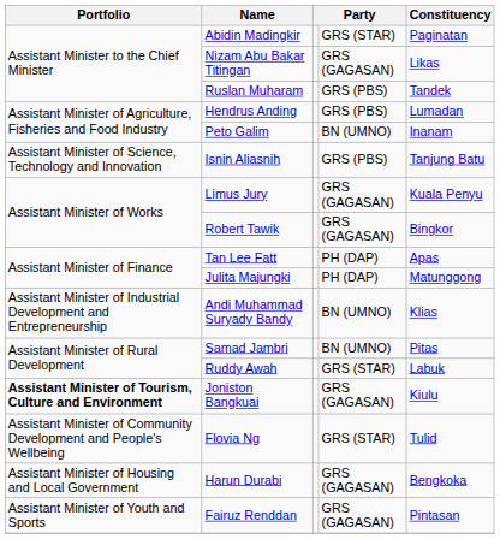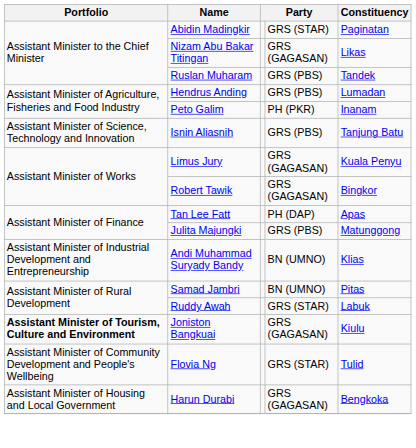 <table class="wikitable sortable">
 <tr>
 <th>Portfolio</th>
 <th>Name</th>
 <th colspan="2">Party</th>
 <th>Constituency</th>
 </tr>
 <tr>
 <td rowspan="3">Assistant Minister to the Chief Minister</td>
 <td><a href='#'>Abidin Madingkir</a></td>
 <td style="background:"></td>
 <td>GRS (STAR)</td>
 <td><a href='#'>Paginatan</a></td>
 </tr>
 <tr>
 <td><a href='#'>Nizam Abu Bakar Titingan</a></td>
 <td style="background:"></td>
 <td>GRS (GAGASAN)</td>
 <td><a href='#'>Likas</a></td>
 </tr>
 <tr>
 <td><a href='#'>Ruslan Muharam</a></td>
 <td style="background:"></td>
 <td>GRS (PBS)</td>
 <td><a href='#'>Tandek</a></td>
 </tr>
 <tr>
 <td rowspan=2>Assistant Minister of Agriculture, Fisheries and Food Industry</td>
 <td><a href='#'>Hendrus Anding</a></td>
 <td style="background:"></td>
 <td>GRS (PBS)</td>
 <td><a href='#'>Lumadan</a></td>
 </tr>
 <tr>
 <td><a href='#'>Peto Galim</a></td>
 <td style="background:"></td>
-<td>BN (UMNO)</td>
+<td>PH (PKR)</td>
 <td><a href='#'>Inanam</a></td>
 </tr>
 <tr>
 <td>Assistant Minister of Science, Technology and Innovation</td>
 <td><a href='#'>Isnin Aliasnih</a></td>
 <td style="background:"></td>
 <td>GRS (PBS)</td>
 <td><a href='#'>Tanjung Batu</a></td>
 </tr>
 <tr>
 <td rowspan="2">Assistant Minister of Works</td>
 <td><a href='#'>Limus Jury</a></td>
 <td style="background:"></td>
 <td>GRS (GAGASAN)</td>
 <td><a href='#'>Kuala Penyu</a></td>
 </tr>
 <tr>
 <td><a href='#'>Robert Tawik</a></td>
 <td style="background:"></td>
 <td>GRS (GAGASAN)</td>
 <td><a href='#'>Bingkor</a></td>
 </tr>
 <tr>
 <td rowspan="2">Assistant Minister of Finance</td>
 <td><a href='#'>Tan Lee Fatt</a></td>
 <td style="background:"></td>
 <td>PH (DAP)</td>
 <td><a href='#'>Apas</a></td>
 </tr>
 <tr>
 <td><a href='#'>Julita Majungki</a></td>
 <td style="background:"></td>
-<td>PH (DAP)</td>
+<td>GRS (PBS)</td>
 <td><a href='#'>Matunggong</a></td>
 </tr>
 <tr>
 <td>Assistant Minister of Industrial Development and Entrepreneurship</td>
 <td><a href='#'>Andi Muhammad Suryady Bandy</a></td>
 <td style="background:"></td>
 <td>BN (UMNO)</td>
 <td><a href='#'>Klias</a></td>
 </tr>
 <tr>
 <td rowspan="2">Assistant Minister of Rural Development</td>
 <td><a href='#'>Samad Jambri</a></td>
 <td style="background:"></td>
 <td>BN (UMNO)</td>
 <td><a href='#'>Pitas</a></td>
 </tr>
 <tr>
 <td><a href='#'>Ruddy Awah</a></td>
 <td style="background:"></td>
 <td>GRS (STAR)</td>
 <td><a href='#'>Labuk</a></td>
 </tr>
 <tr>
 <td><strong>Assistant Minister of Tourism, Culture and Environment</strong></td>
 <td><a href='#'>Joniston Bangkuai</a></td>
 <td style="background:"></td>
 <td>GRS (GAGASAN)</td>
 <td><a href='#'>Kiulu</a></td>
 </tr>
 <tr>
 <td>Assistant Minister of Community Development and People's Wellbeing</td>
 <td><a href='#'>Flovia Ng</a></td>
 <td style="background:"></td>
 <td>GRS (STAR)</td>
 <td><a href='#'>Tulid</a></td>
 </tr>
 <tr>
 <td>Assistant Minister of Housing and Local Government</td>
 <td><a href='#'>Harun Durabi</a></td>
 <td style="background:"></td>
 <td>GRS (GAGASAN)</td>
 <td><a href='#'>Bengkoka</a></td>
 </tr>
 <tr>
-<td>Assistant Minister of Youth and Sports</td>
-<td><a href='#'>Fairuz Renddan</a></td>
-<td style="background:"></td>
-<td>GRS (GAGASAN)</td>
-<td><a href='#'>Pintasan</a></td>
-</tr>
-<tr>
 </tr>
 </table>
